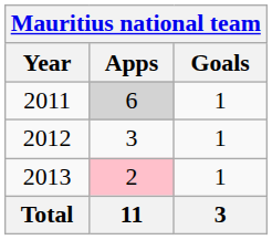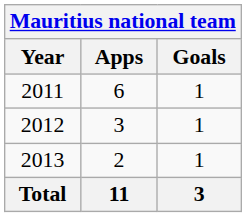 <table class="wikitable" style="text-align:center">
 <tr>
 <th colspan=3><a href='#'>Mauritius national team</a></th>
 </tr>
 <tr>
 <th>Year</th>
 <th>Apps</th>
 <th>Goals</th>
 </tr>
 <tr>
 <td>2011</td>
-<td style="background: lightgrey;">6</td>
+<td>6</td>
 <td>1</td>
 </tr>
 <tr>
 <td>2012</td>
 <td>3</td>
 <td>1</td>
 </tr>
 <tr>
 <td>2013</td>
-<td style="background: pink;">2</td>
+<td>2</td>
 <td>1</td>
 </tr>
 <tr>
 <th>Total</th>
 <th>11</th>
 <th>3</th>
 </tr>
 </table>
